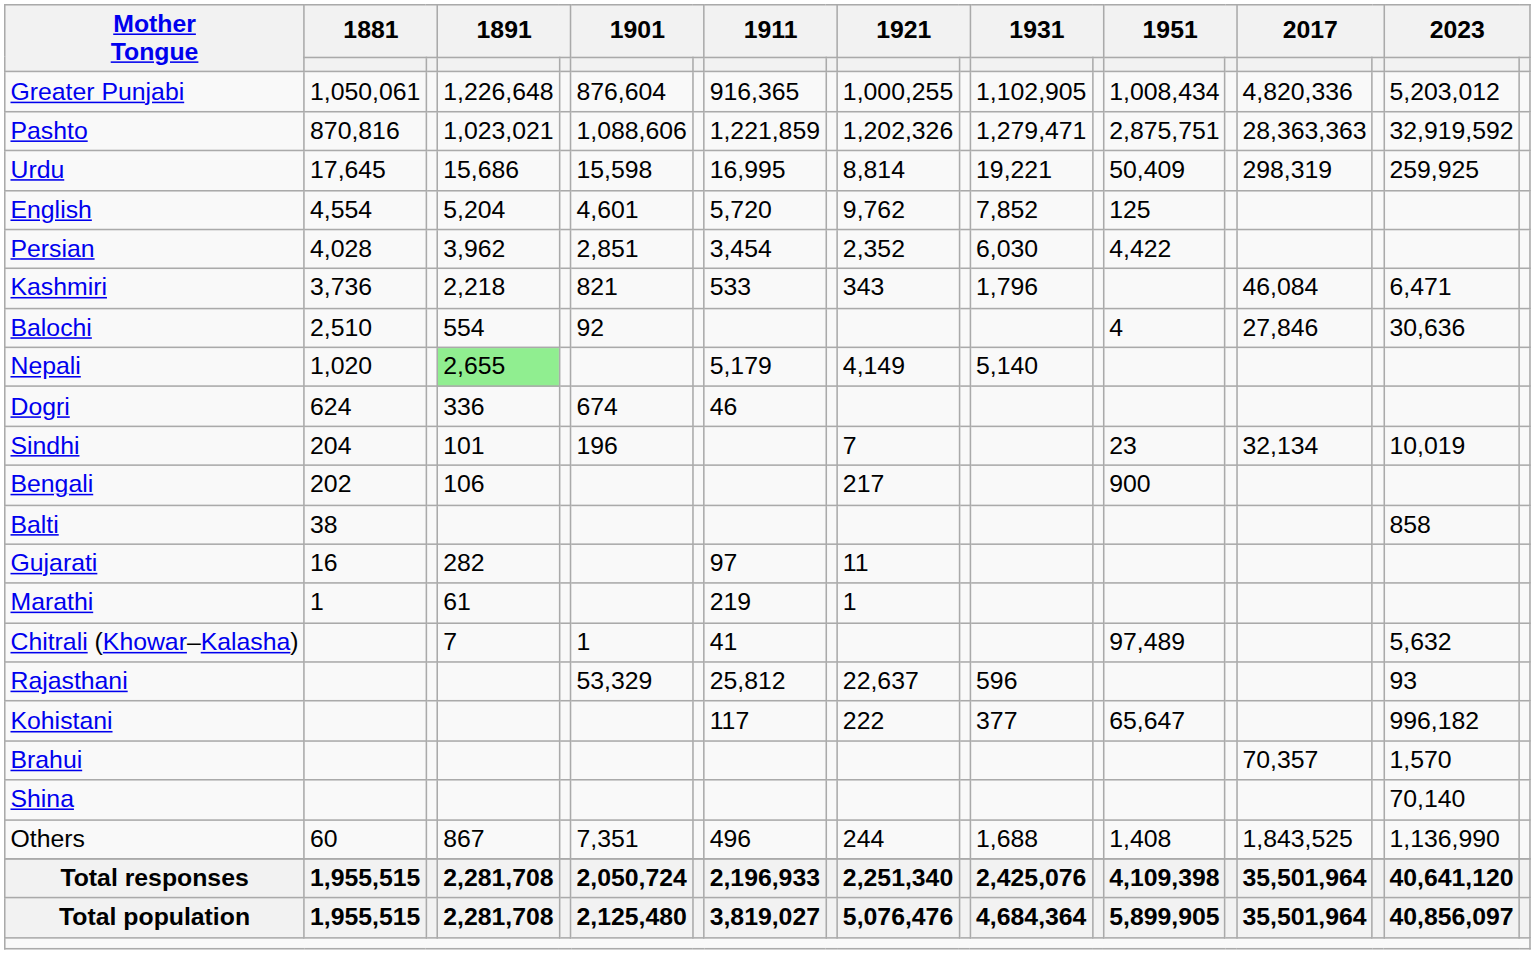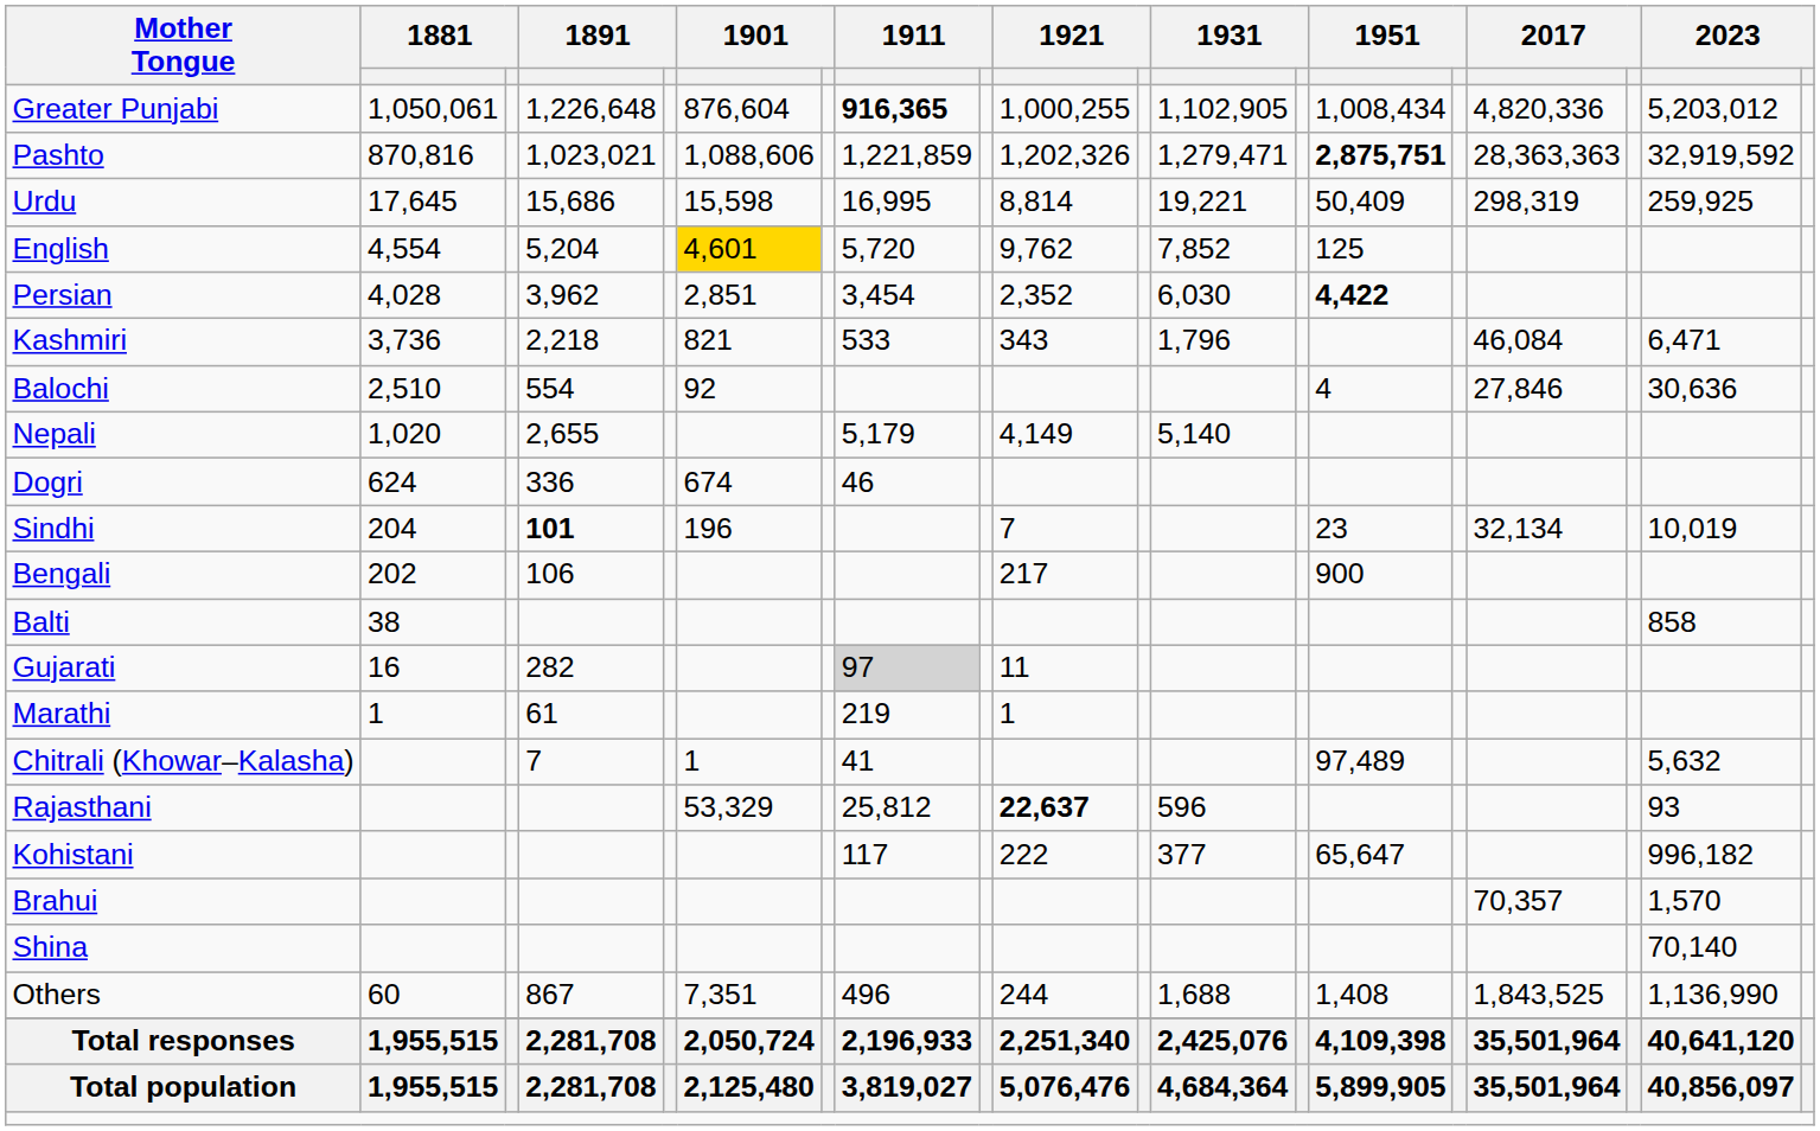 <table class="wikitable sortable">
 <tr>
 <th rowspan="2"><a href='#'>Mother<br>Tongue</a></th>
 <th colspan="2">1881</th>
 <th colspan="2">1891</th>
 <th colspan="2">1901</th>
 <th colspan="2">1911</th>
 <th colspan="2">1921</th>
 <th colspan="2">1931</th>
 <th colspan="2">1951</th>
 <th colspan="2">2017</th>
 <th colspan="2">2023</th>
 </tr>
 <tr>
 <th><a href='#'></a></th>
 <th></th>
 <th></th>
 <th></th>
 <th></th>
 <th></th>
 <th></th>
 <th></th>
 <th></th>
 <th></th>
 <th></th>
 <th></th>
 <th></th>
 <th></th>
 <th></th>
 <th></th>
 <th></th>
 <th></th>
 </tr>
 <tr>
 <td><a href='#'>Greater Punjabi</a></td>
 <td>1,050,061</td>
 <td></td>
 <td>1,226,648</td>
 <td></td>
 <td>876,604</td>
 <td></td>
-<td>916,365</td>
+<td><strong>916,365</strong></td>
 <td></td>
 <td>1,000,255</td>
 <td></td>
 <td>1,102,905</td>
 <td></td>
 <td>1,008,434</td>
 <td></td>
 <td>4,820,336</td>
 <td></td>
 <td>5,203,012</td>
 <td></td>
 </tr>
 <tr>
 <td><a href='#'>Pashto</a></td>
 <td>870,816</td>
 <td></td>
 <td>1,023,021</td>
 <td></td>
 <td>1,088,606</td>
 <td></td>
 <td>1,221,859</td>
 <td></td>
 <td>1,202,326</td>
 <td></td>
 <td>1,279,471</td>
 <td></td>
-<td>2,875,751</td>
+<td><strong>2,875,751</strong></td>
 <td></td>
 <td>28,363,363</td>
 <td></td>
 <td>32,919,592</td>
 <td></td>
 </tr>
 <tr>
 <td><a href='#'>Urdu</a></td>
 <td>17,645</td>
 <td></td>
 <td>15,686</td>
 <td></td>
 <td>15,598</td>
 <td></td>
 <td>16,995</td>
 <td></td>
 <td>8,814</td>
 <td></td>
 <td>19,221</td>
 <td></td>
 <td>50,409</td>
 <td></td>
 <td>298,319</td>
 <td></td>
 <td>259,925</td>
 <td></td>
 </tr>
 <tr>
 <td><a href='#'>English</a></td>
 <td>4,554</td>
 <td></td>
 <td>5,204</td>
 <td></td>
-<td>4,601</td>
+<td style="background: gold;">4,601</td>
 <td></td>
 <td>5,720</td>
 <td></td>
 <td>9,762</td>
 <td></td>
 <td>7,852</td>
 <td></td>
 <td>125</td>
 <td></td>
 <td></td>
 <td></td>
 <td></td>
 <td></td>
 </tr>
 <tr>
 <td><a href='#'>Persian</a></td>
 <td>4,028</td>
 <td></td>
 <td>3,962</td>
 <td></td>
 <td>2,851</td>
 <td></td>
 <td>3,454</td>
 <td></td>
 <td>2,352</td>
 <td></td>
 <td>6,030</td>
 <td></td>
-<td>4,422</td>
+<td><strong>4,422</strong></td>
 <td></td>
 <td></td>
 <td></td>
 <td></td>
 <td></td>
 </tr>
 <tr>
 <td><a href='#'>Kashmiri</a></td>
 <td>3,736</td>
 <td></td>
 <td>2,218</td>
 <td></td>
 <td>821</td>
 <td></td>
 <td>533</td>
 <td></td>
 <td>343</td>
 <td></td>
 <td>1,796</td>
 <td></td>
 <td></td>
 <td></td>
 <td>46,084</td>
 <td></td>
 <td>6,471</td>
 <td></td>
 </tr>
 <tr>
 <td><a href='#'>Balochi</a></td>
 <td>2,510</td>
 <td></td>
 <td>554</td>
 <td></td>
 <td>92</td>
 <td></td>
 <td></td>
 <td></td>
 <td></td>
 <td></td>
 <td></td>
 <td></td>
 <td>4</td>
 <td></td>
 <td>27,846</td>
 <td></td>
 <td>30,636</td>
 <td></td>
 </tr>
 <tr>
 <td><a href='#'>Nepali</a></td>
 <td>1,020</td>
 <td></td>
-<td style="background: lightgreen;">2,655</td>
+<td>2,655</td>
 <td></td>
 <td></td>
 <td></td>
 <td>5,179</td>
 <td></td>
 <td>4,149</td>
 <td></td>
 <td>5,140</td>
 <td></td>
 <td></td>
 <td></td>
 <td></td>
 <td></td>
 <td></td>
 <td></td>
 </tr>
 <tr>
 <td><a href='#'>Dogri</a></td>
 <td>624</td>
 <td></td>
 <td>336</td>
 <td></td>
 <td>674</td>
 <td></td>
 <td>46</td>
 <td></td>
 <td></td>
 <td></td>
 <td></td>
 <td></td>
 <td></td>
 <td></td>
 <td></td>
 <td></td>
 <td></td>
 <td></td>
 </tr>
 <tr>
 <td><a href='#'>Sindhi</a></td>
 <td>204</td>
 <td></td>
-<td>101</td>
+<td><strong>101</strong></td>
 <td></td>
 <td>196</td>
 <td></td>
 <td></td>
 <td></td>
 <td>7</td>
 <td></td>
 <td></td>
 <td></td>
 <td>23</td>
 <td></td>
 <td>32,134</td>
 <td></td>
 <td>10,019</td>
 <td></td>
 </tr>
 <tr>
 <td><a href='#'>Bengali</a></td>
 <td>202</td>
 <td></td>
 <td>106</td>
 <td></td>
 <td></td>
 <td></td>
 <td></td>
 <td></td>
 <td>217</td>
 <td></td>
 <td></td>
 <td></td>
 <td>900</td>
 <td></td>
 <td></td>
 <td></td>
 <td></td>
 <td></td>
 </tr>
 <tr>
 <td><a href='#'>Balti</a></td>
 <td>38</td>
 <td></td>
 <td></td>
 <td></td>
 <td></td>
 <td></td>
 <td></td>
 <td></td>
 <td></td>
 <td></td>
 <td></td>
 <td></td>
 <td></td>
 <td></td>
 <td></td>
 <td></td>
 <td>858</td>
 <td></td>
 </tr>
 <tr>
 <td><a href='#'>Gujarati</a></td>
 <td>16</td>
 <td></td>
 <td>282</td>
 <td></td>
 <td></td>
 <td></td>
-<td>97</td>
+<td style="background: lightgrey;">97</td>
 <td></td>
 <td>11</td>
 <td></td>
 <td></td>
 <td></td>
 <td></td>
 <td></td>
 <td></td>
 <td></td>
 <td></td>
 <td></td>
 </tr>
 <tr>
 <td><a href='#'>Marathi</a></td>
 <td>1</td>
 <td></td>
 <td>61</td>
 <td></td>
 <td></td>
 <td></td>
 <td>219</td>
 <td></td>
 <td>1</td>
 <td></td>
 <td></td>
 <td></td>
 <td></td>
 <td></td>
 <td></td>
 <td></td>
 <td></td>
 <td></td>
 </tr>
 <tr>
 <td><a href='#'>Chitrali</a> (<a href='#'>Khowar</a>–<a href='#'>Kalasha</a>)</td>
 <td></td>
 <td></td>
 <td>7</td>
 <td></td>
 <td>1</td>
 <td></td>
 <td>41</td>
 <td></td>
 <td></td>
 <td></td>
 <td></td>
 <td></td>
 <td>97,489</td>
 <td></td>
 <td></td>
 <td></td>
 <td>5,632</td>
 <td></td>
 </tr>
 <tr>
 <td><a href='#'>Rajasthani</a></td>
 <td></td>
 <td></td>
 <td></td>
 <td></td>
 <td>53,329</td>
 <td></td>
 <td>25,812</td>
 <td></td>
-<td>22,637</td>
+<td><strong>22,637</strong></td>
 <td></td>
 <td>596</td>
 <td></td>
 <td></td>
 <td></td>
 <td></td>
 <td></td>
 <td>93</td>
 <td></td>
 </tr>
 <tr>
 <td><a href='#'>Kohistani</a></td>
 <td></td>
 <td></td>
 <td></td>
 <td></td>
 <td></td>
 <td></td>
 <td>117</td>
 <td></td>
 <td>222</td>
 <td></td>
 <td>377</td>
 <td></td>
 <td>65,647</td>
 <td></td>
 <td></td>
 <td></td>
 <td>996,182</td>
 <td></td>
 </tr>
 <tr>
 <td><a href='#'>Brahui</a></td>
 <td></td>
 <td></td>
 <td></td>
 <td></td>
 <td></td>
 <td></td>
 <td></td>
 <td></td>
 <td></td>
 <td></td>
 <td></td>
 <td></td>
 <td></td>
 <td></td>
 <td>70,357</td>
 <td></td>
 <td>1,570</td>
 <td></td>
 </tr>
 <tr>
 <td><a href='#'>Shina</a></td>
 <td></td>
 <td></td>
 <td></td>
 <td></td>
 <td></td>
 <td></td>
 <td></td>
 <td></td>
 <td></td>
 <td></td>
 <td></td>
 <td></td>
 <td></td>
 <td></td>
 <td></td>
 <td></td>
 <td>70,140</td>
 <td></td>
 </tr>
 <tr>
 <td>Others</td>
 <td>60</td>
 <td></td>
 <td>867</td>
 <td></td>
 <td>7,351</td>
 <td></td>
 <td>496</td>
 <td></td>
 <td>244</td>
 <td></td>
 <td>1,688</td>
 <td></td>
 <td>1,408</td>
 <td></td>
 <td>1,843,525</td>
 <td></td>
 <td>1,136,990</td>
 <td></td>
 </tr>
 <tr>
 </tr>
 <tr class="sortbottom">
 <th>Total responses</th>
 <th>1,955,515</th>
 <th></th>
 <th>2,281,708</th>
 <th></th>
 <th>2,050,724</th>
 <th></th>
 <th>2,196,933</th>
 <th></th>
 <th>2,251,340</th>
 <th></th>
 <th>2,425,076</th>
 <th></th>
 <th>4,109,398</th>
 <th></th>
 <th>35,501,964</th>
 <th></th>
 <th>40,641,120</th>
 <th></th>
 </tr>
 <tr class="sortbottom">
 <th>Total population</th>
 <th>1,955,515</th>
 <th></th>
 <th>2,281,708</th>
 <th></th>
 <th>2,125,480</th>
 <th></th>
 <th>3,819,027</th>
 <th></th>
 <th>5,076,476</th>
 <th></th>
 <th>4,684,364</th>
 <th></th>
 <th>5,899,905</th>
 <th></th>
 <th>35,501,964</th>
 <th></th>
 <th>40,856,097</th>
 <th></th>
 </tr>
 <tr class="sortbottom">
 <td colspan="25"></td>
 </tr>
 </table>
